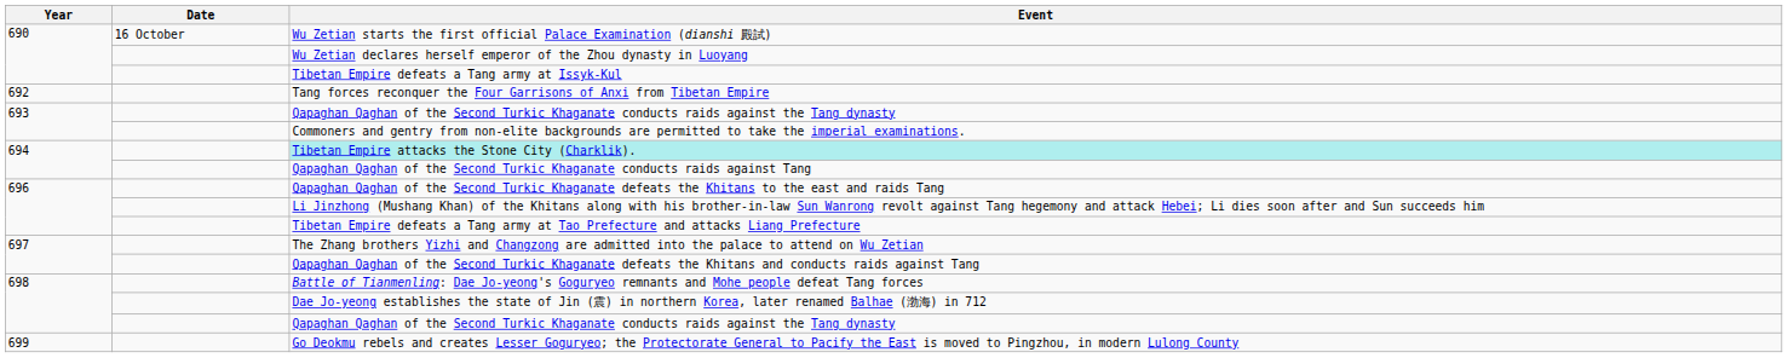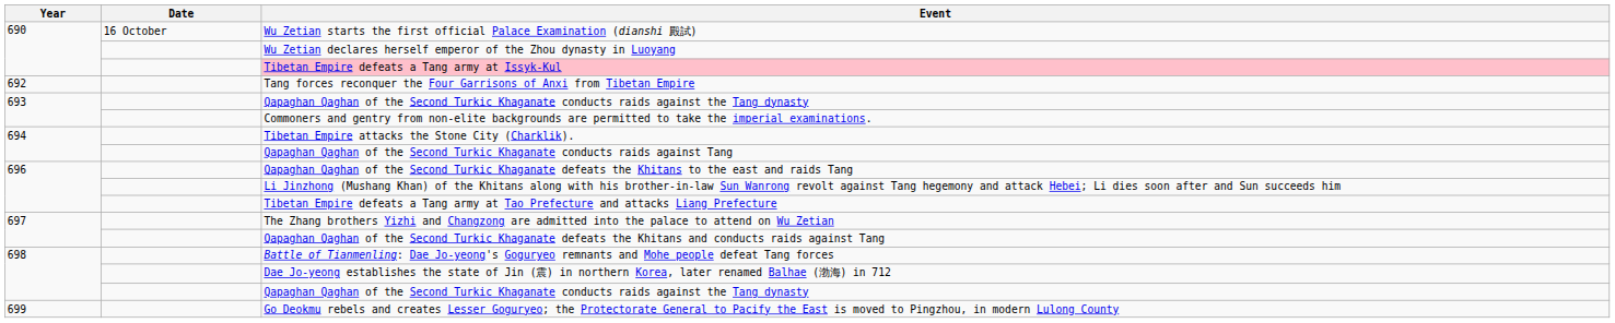 <table class="wikitable" width="100%">
 <tr>
 <th style="width:6%">Year</th>
 <th style="width:10%">Date</th>
 <th>Event</th>
 </tr>
 <tr>
 <td rowspan="3" valign="top">690</td>
 <td>16 October</td>
 <td><a href='#'>Wu Zetian</a> starts the first official <a href='#'>Palace Examination</a> (<em>dianshi</em> 殿試)</td>
 </tr>
 <tr>
 <td></td>
 <td><a href='#'>Wu Zetian</a> declares herself emperor of the Zhou dynasty in <a href='#'>Luoyang</a></td>
 </tr>
 <tr>
 <td></td>
-<td><a href='#'>Tibetan Empire</a> defeats a Tang army at <a href='#'>Issyk-Kul</a></td>
+<td style="background: pink;"><a href='#'>Tibetan Empire</a> defeats a Tang army at <a href='#'>Issyk-Kul</a></td>
 </tr>
 <tr>
 <td>692</td>
 <td></td>
 <td>Tang forces reconquer the <a href='#'>Four Garrisons of Anxi</a> from <a href='#'>Tibetan Empire</a></td>
 </tr>
 <tr>
 <td rowspan="2" valign="top">693</td>
 <td></td>
 <td><a href='#'>Qapaghan Qaghan</a> of the <a href='#'>Second Turkic Khaganate</a> conducts raids against the <a href='#'>Tang dynasty</a></td>
 </tr>
 <tr>
 <td></td>
 <td>Commoners and gentry from non-elite backgrounds are permitted to take the <a href='#'>imperial examinations</a>.</td>
 </tr>
 <tr>
 <td rowspan="2" valign="top">694</td>
 <td></td>
-<td style="background: paleturquoise;"><a href='#'>Tibetan Empire</a> attacks the Stone City (<a href='#'>Charklik</a>).</td>
+<td><a href='#'>Tibetan Empire</a> attacks the Stone City (<a href='#'>Charklik</a>).</td>
 </tr>
 <tr>
 <td></td>
 <td><a href='#'>Qapaghan Qaghan</a> of the <a href='#'>Second Turkic Khaganate</a> conducts raids against Tang</td>
 </tr>
 <tr>
 <td rowspan="3" valign="top">696</td>
 <td></td>
 <td><a href='#'>Qapaghan Qaghan</a> of the <a href='#'>Second Turkic Khaganate</a> defeats the <a href='#'>Khitans</a> to the east and raids Tang</td>
 </tr>
 <tr>
 <td></td>
 <td><a href='#'>Li Jinzhong</a> (Mushang Khan) of the Khitans along with his brother-in-law <a href='#'>Sun Wanrong</a> revolt against Tang hegemony and attack <a href='#'>Hebei</a>; Li dies soon after and Sun succeeds him</td>
 </tr>
 <tr>
 <td></td>
 <td><a href='#'>Tibetan Empire</a> defeats a Tang army at <a href='#'>Tao Prefecture</a> and attacks <a href='#'>Liang Prefecture</a></td>
 </tr>
 <tr>
 <td rowspan="2" valign="top">697</td>
 <td></td>
 <td>The Zhang brothers <a href='#'>Yizhi</a> and <a href='#'>Changzong</a> are admitted into the palace to attend on <a href='#'>Wu Zetian</a></td>
 </tr>
 <tr>
 <td></td>
 <td><a href='#'>Qapaghan Qaghan</a> of the <a href='#'>Second Turkic Khaganate</a> defeats the Khitans and conducts raids against Tang</td>
 </tr>
 <tr>
 <td rowspan="3" valign="top">698</td>
 <td></td>
 <td><em><a href='#'>Battle of Tianmenling</a></em>: <a href='#'>Dae Jo-yeong</a>'s <a href='#'>Goguryeo</a> remnants and <a href='#'>Mohe people</a> defeat Tang forces</td>
 </tr>
 <tr>
 <td></td>
 <td><a href='#'>Dae Jo-yeong</a> establishes the state of Jin (震) in northern <a href='#'>Korea</a>, later renamed <a href='#'>Balhae</a> (渤海) in 712</td>
 </tr>
 <tr>
 <td></td>
 <td><a href='#'>Qapaghan Qaghan</a> of the <a href='#'>Second Turkic Khaganate</a> conducts raids against the <a href='#'>Tang dynasty</a></td>
 </tr>
 <tr>
 <td>699</td>
 <td></td>
 <td><a href='#'>Go Deokmu</a> rebels and creates <a href='#'>Lesser Goguryeo</a>; the <a href='#'>Protectorate General to Pacify the East</a> is moved to Pingzhou, in modern <a href='#'>Lulong County</a></td>
 </tr>
 </table>
